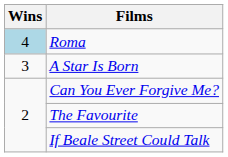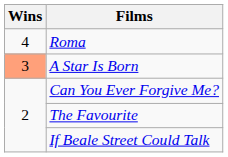 <table class="wikitable">
 <tr>
 <th>Wins</th>
 <th>Films</th>
 </tr>
 <tr>
-<td style="background: lightblue; text-align: center;">4</td>
+<td style="text-align: center;">4</td>
 <td><em><a href='#'>Roma</a></em></td>
 </tr>
 <tr>
-<td style="text-align: center;">3</td>
+<td style="background: lightsalmon; text-align: center;">3</td>
 <td><em><a href='#'>A Star Is Born</a></em></td>
 </tr>
 <tr>
 <td rowspan="3" style="text-align: center;">2</td>
 <td><em><a href='#'>Can You Ever Forgive Me?</a></em></td>
 </tr>
 <tr>
 <td><em><a href='#'>The Favourite</a></em></td>
 </tr>
 <tr>
 <td><em><a href='#'>If Beale Street Could Talk</a></em></td>
 </tr>
 </table>
